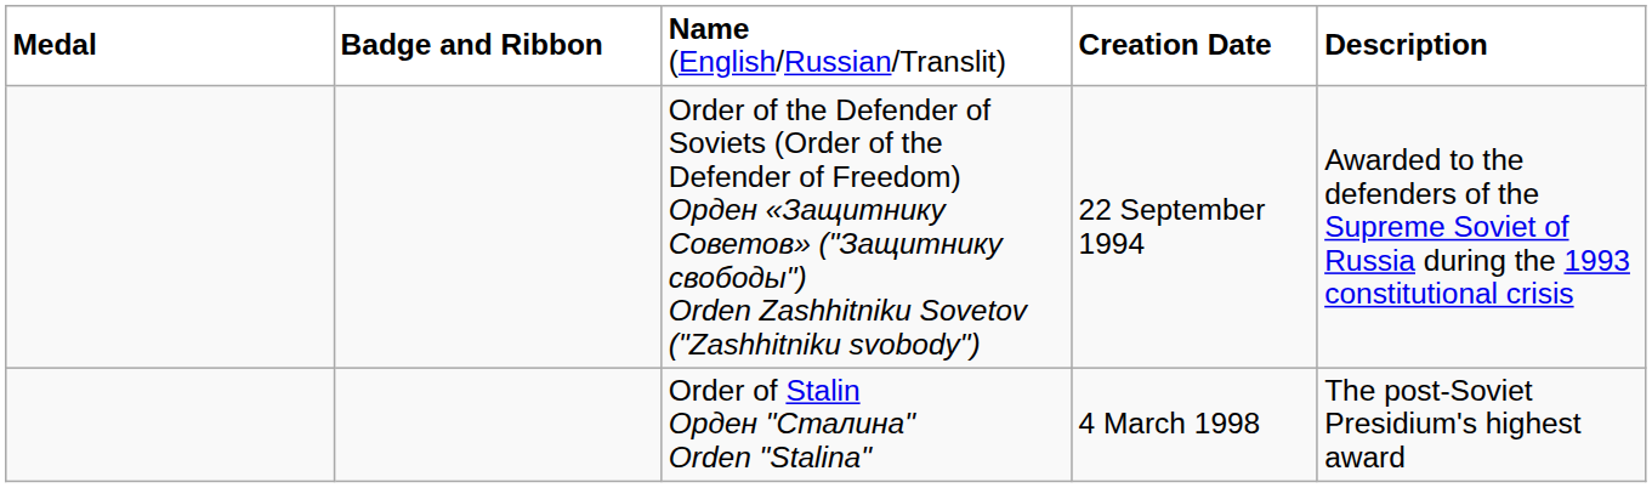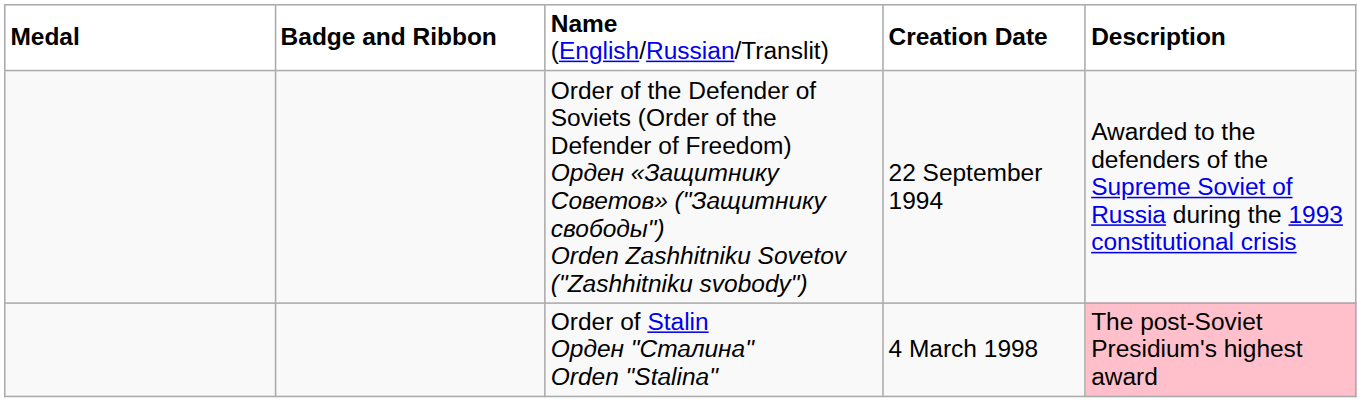 <table class="wikitable" width="100%">
 <tr>
 <td width="20%" bgcolor="#FFFFFF"><strong>Medal</strong></td>
 <td width="20%" bgcolor="#FFFFFF"><strong>Badge and Ribbon</strong></td>
 <td width="25%" bgcolor="#FFFFFF"><strong>Name</strong> (<a href='#'>English</a>/<a href='#'>Russian</a>/Translit)</td>
 <td width="15%" bgcolor="#FFFFFF"><strong>Creation Date</strong></td>
 <td width="30%" bgcolor="#FFFFFF"><strong>Description</strong></td>
 </tr>
 <tr>
 <td></td>
 <td></td>
 <td>Order of the Defender of Soviets (Order of the Defender of Freedom)<br><em>Орден «Защитнику Советов» ("Защитнику свободы")</em><br><em>Orden Zashhitniku Sovetov ("Zashhitniku svobody")</em></td>
 <td>22 September 1994</td>
 <td>Awarded to the defenders of the <a href='#'>Supreme Soviet of Russia</a> during the <a href='#'>1993 constitutional crisis</a></td>
 </tr>
 <tr>
 <td></td>
 <td></td>
 <td>Order of <a href='#'>Stalin</a><br><em>Орден "Сталина"<br>Orden "Stalina"</em></td>
 <td>4 March 1998</td>
-<td>The post-Soviet Presidium's highest award</td>
+<td style="background: pink;">The post-Soviet Presidium's highest award</td>
 </tr>
 </table>
